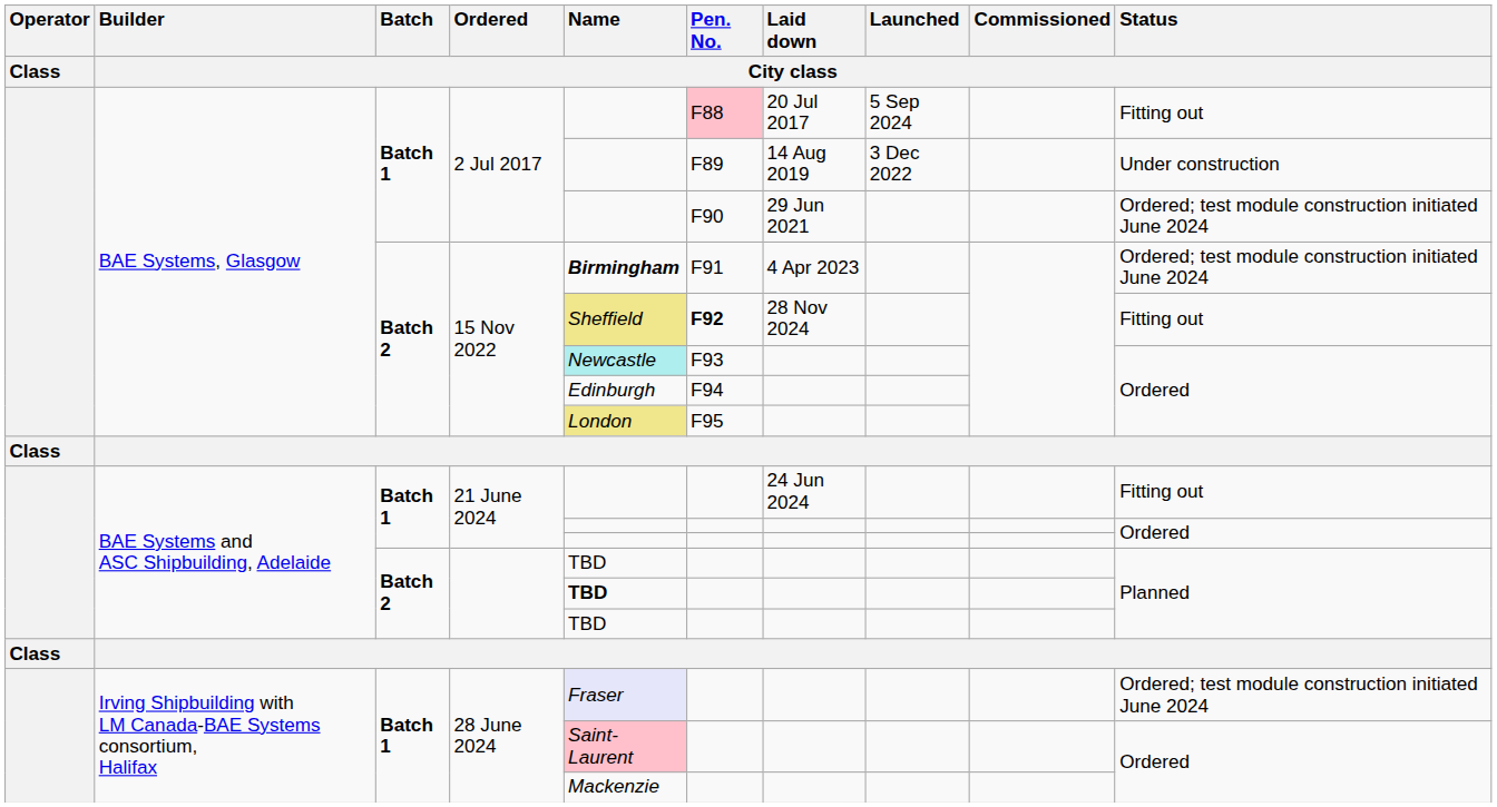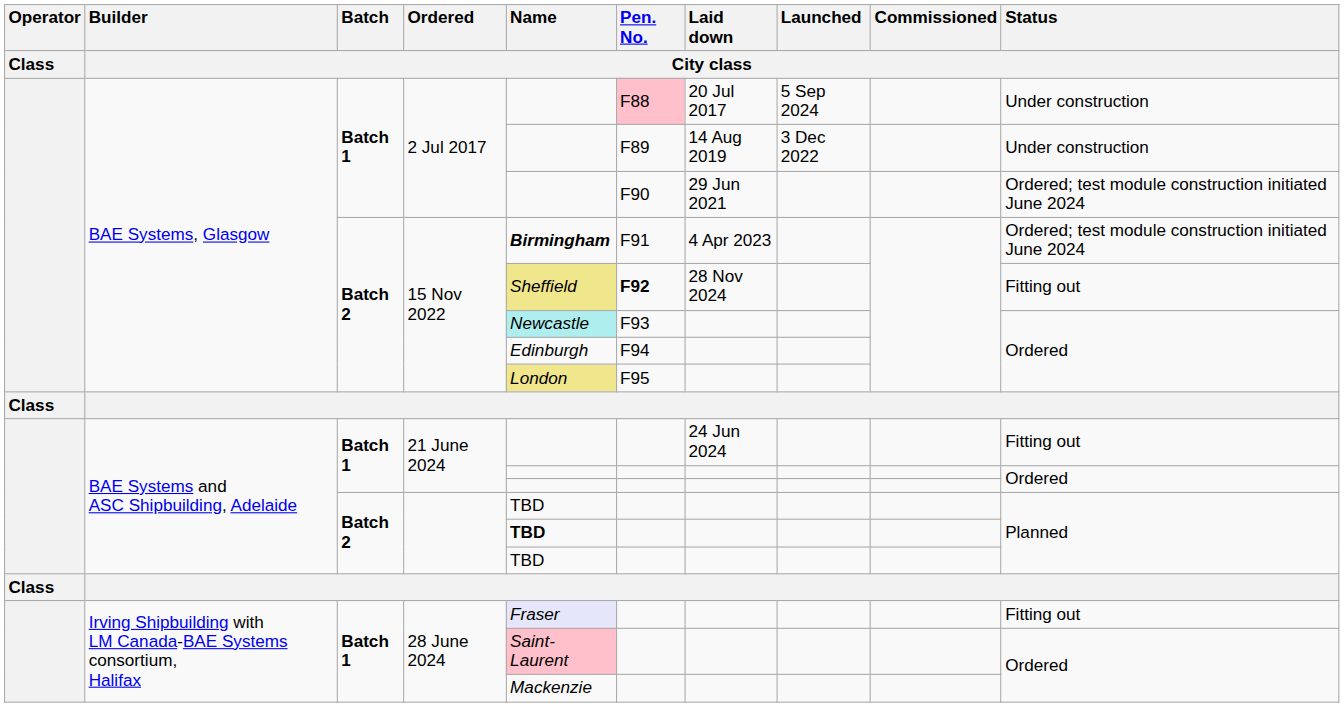 <table class="wikitable">
 <tr valign=top>
 <th style="text-align: left;">Operator</th>
 <th style="text-align: left;">Builder</th>
 <th style="text-align: left;">Batch</th>
 <th style="text-align: left;">Ordered</th>
 <th style="text-align: left;">Name</th>
 <th style="text-align: left;"><a href='#'>Pen. No.</a></th>
 <th style="text-align: left;">Laid down</th>
 <th style="text-align: left;">Launched</th>
 <th style="text-align: left;">Commissioned</th>
 <th style="text-align: left;">Status</th>
 </tr>
 <tr>
 <th style="text-align: left;">Class</th>
 <th colspan="9"><strong>City class</strong></th>
 </tr>
 <tr>
 <th style="text-align: left;" rowspan="8"></th>
 <td rowspan="8"><a href='#'>BAE Systems</a>, <a href='#'>Glasgow</a></td>
 <td rowspan="3"><strong>Batch 1</strong></td>
 <td rowspan="3">2 Jul 2017</td>
 <td></td>
 <td style="background: pink;">F88</td>
 <td>20 Jul 2017</td>
 <td>5 Sep 2024</td>
 <td><small></small></td>
-<td>Fitting out</td>
+<td>Under construction</td>
 </tr>
 <tr>
 <td></td>
 <td>F89</td>
 <td>14 Aug 2019</td>
 <td>3 Dec 2022</td>
 <td></td>
 <td>Under construction</td>
 </tr>
 <tr>
 <td></td>
 <td>F90</td>
 <td>29 Jun 2021</td>
 <td></td>
 <td><small></small></td>
 <td rowspan="1">Ordered; test module construction initiated June 2024</td>
 </tr>
 <tr>
 <td rowspan="5"><strong>Batch 2</strong></td>
 <td rowspan="5">15 Nov 2022</td>
 <td><strong><em>Birmingham</em></strong></td>
 <td>F91</td>
 <td>4 Apr 2023</td>
 <td></td>
 <td rowspan="5"></td>
 <td rowspan="1">Ordered; test module construction initiated June 2024</td>
 </tr>
 <tr>
 <td style="background: khaki;"><em>Sheffield</em></td>
 <td><strong>F92</strong></td>
 <td>28 Nov 2024</td>
 <td></td>
 <td>Fitting out</td>
 </tr>
 <tr>
 <td style="background: paleturquoise;"><em>Newcastle</em></td>
 <td>F93</td>
 <td></td>
 <td></td>
 <td rowspan="3">Ordered</td>
 </tr>
 <tr>
 <td><em>Edinburgh</em></td>
 <td>F94</td>
 <td></td>
 <td></td>
 </tr>
 <tr>
 <td style="background: khaki;"><em>London</em></td>
 <td>F95</td>
 <td></td>
 <td></td>
 </tr>
 <tr>
 <th style="text-align: left;">Class</th>
 <th colspan="9"></th>
 </tr>
 <tr>
 <th style="text-align: left;" rowspan="6"></th>
 <td rowspan="6"><a href='#'>BAE Systems</a> and<br> <a href='#'>ASC Shipbuilding</a>, <a href='#'>Adelaide</a></td>
 <td rowspan="3"><strong>Batch 1</strong></td>
 <td rowspan="3">21 June 2024</td>
 <td></td>
 <td></td>
 <td>24 Jun 2024<small></small></td>
 <td></td>
 <td></td>
 <td>Fitting out</td>
 </tr>
 <tr>
 <td></td>
 <td></td>
 <td></td>
 <td></td>
 <td></td>
 <td rowspan="2">Ordered</td>
 </tr>
 <tr>
 <td></td>
 <td></td>
 <td></td>
 <td></td>
 <td></td>
 </tr>
 <tr>
 <td rowspan="3"><strong>Batch 2</strong></td>
 <td rowspan="3"></td>
 <td>TBD</td>
 <td></td>
 <td></td>
 <td></td>
 <td></td>
 <td rowspan="3">Planned</td>
 </tr>
 <tr>
 <td><strong>TBD</strong></td>
 <td></td>
 <td></td>
 <td></td>
 <td></td>
 </tr>
 <tr>
 <td>TBD</td>
 <td></td>
 <td></td>
 <td></td>
 <td></td>
 </tr>
 <tr>
 <th style="text-align: left;">Class</th>
 <th colspan="9"></th>
 </tr>
 <tr>
 <th style="text-align: left;" rowspan="3"></th>
 <td rowspan="3"><a href='#'>Irving Shipbuilding</a> with<br> <a href='#'>LM Canada</a>-<a href='#'>BAE Systems</a> consortium,<br> <a href='#'>Halifax</a></td>
 <td rowspan="3"><strong>Batch 1</strong></td>
 <td rowspan="3">28 June 2024</td>
 <td style="background: lavender;"><em>Fraser</em></td>
 <td></td>
 <td></td>
 <td></td>
 <td></td>
-<td rowspan="1">Ordered; test module construction initiated June 2024</td>
+<td>Fitting out</td>
 </tr>
 <tr>
 <td style="background: pink;"><em>Saint-Laurent</em></td>
 <td></td>
 <td></td>
 <td></td>
 <td></td>
 <td rowspan="2">Ordered</td>
 </tr>
 <tr>
 <td><em>Mackenzie</em></td>
 <td></td>
 <td></td>
 <td></td>
 <td></td>
 </tr>
 </table>
